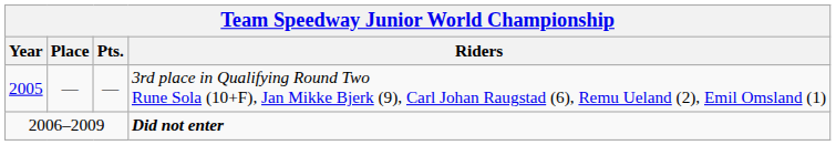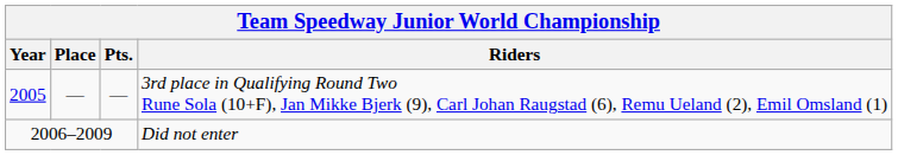 <table class=wikitable style="font-size: 90%;">
 <tr>
 <th colspan=4><big><a href='#'>Team Speedway Junior World Championship</a></big></th>
 </tr>
 <tr>
 <th>Year</th>
 <th>Place</th>
 <th>Pts.</th>
 <th>Riders</th>
 </tr>
 <tr align=center >
 <td><a href='#'>2005</a></td>
 <td>—</td>
 <td>—</td>
 <td align=left><em>3rd place in Qualifying Round Two</em> <br> <a href='#'>Rune Sola</a> (10+F), <a href='#'>Jan Mikke Bjerk</a> (9), <a href='#'>Carl Johan Raugstad</a> (6), <a href='#'>Remu Ueland</a> (2), <a href='#'>Emil Omsland</a> (1)</td>
 </tr>
 <tr align=center >
 <td colspan=3>2006–2009</td>
-<td align=left><strong><em>Did not enter</em></strong></td>
+<td align=left><em>Did not enter</em></td>
 </tr>
 </table>
